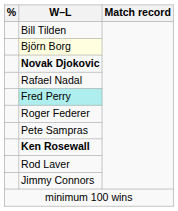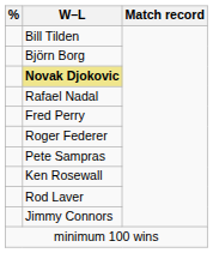 <table class=wikitable style="display:inline-table;">
 <tr>
 <th>%</th>
 <th>W–L</th>
 <th>Match record</th>
 </tr>
 <tr>
 <td></td>
 <td> Bill Tilden</td>
 </tr>
 <tr>
 <td></td>
-<td style="background: lightyellow;"> Björn Borg</td>
+<td> Björn Borg</td>
 </tr>
 <tr>
 <td></td>
-<td> <strong>Novak Djokovic</strong></td>
+<td style="background: khaki;"> <strong>Novak Djokovic</strong></td>
 </tr>
 <tr>
 <td></td>
 <td> Rafael Nadal</td>
 </tr>
 <tr>
 <td></td>
-<td style="background: paleturquoise;"> Fred Perry</td>
+<td> Fred Perry</td>
 </tr>
 <tr>
 <td></td>
 <td> Roger Federer</td>
 </tr>
 <tr>
 <td></td>
 <td> Pete Sampras</td>
 </tr>
 <tr>
 <td></td>
-<td><strong> Ken Rosewall</strong></td>
+<td> Ken Rosewall</td>
 </tr>
 <tr>
 <td></td>
 <td> Rod Laver</td>
 </tr>
 <tr>
 <td></td>
 <td> Jimmy Connors</td>
 </tr>
 <tr>
 <td colspan="3" style="text-align:center;">minimum 100 wins</td>
 </tr>
 </table>
